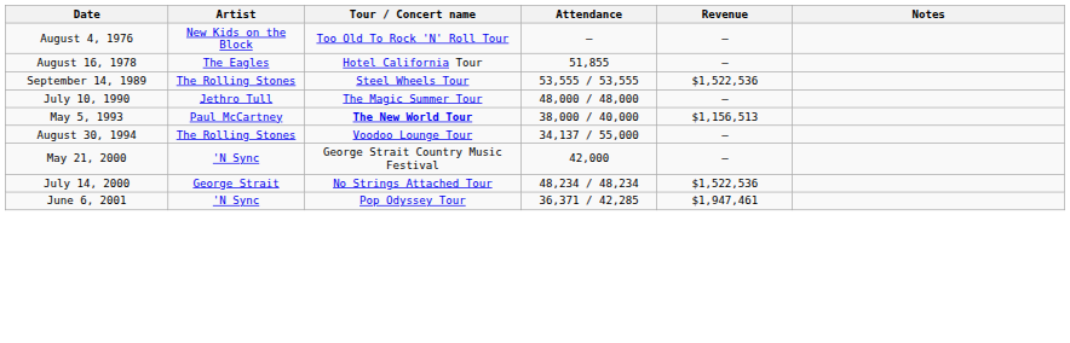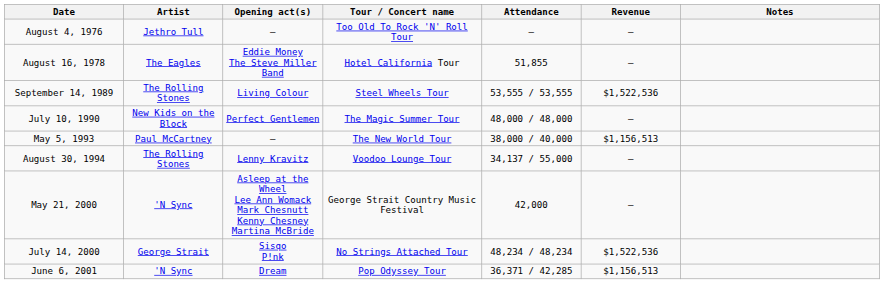 <table class="wikitable" style="text-align:center;">
 <tr>
 <th width=12% style="text-align:center;">Date</th>
 <th width=10% style="text-align:center;">Artist</th>
+<th width=10% style="text-align:center;">Opening act(s)</th>
 <th width=16% style="text-align:center;">Tour / Concert name</th>
 <th width=10% style="text-align:center;">Attendance</th>
 <th width=10% style="text-align:center;">Revenue</th>
 <th width=20% style="text-align:center;">Notes</th>
 </tr>
 <tr>
 <td>August 4, 1976</td>
-<td><a href='#'>New Kids on the Block</a></td>
+<td><a href='#'>Jethro Tull</a></td>
+<td>—</td>
 <td><a href='#'>Too Old To Rock 'N' Roll Tour</a></td>
 <td>—</td>
 <td>—</td>
 <td></td>
 </tr>
 <tr>
 <td>August 16, 1978</td>
 <td><a href='#'>The Eagles</a></td>
+<td><a href='#'>Eddie Money</a><br><a href='#'>The Steve Miller Band</a></td>
 <td><a href='#'>Hotel California</a> Tour</td>
 <td>51,855</td>
 <td>—</td>
 <td></td>
 </tr>
 <tr>
 <td>September 14, 1989</td>
 <td><a href='#'>The Rolling Stones</a></td>
+<td><a href='#'>Living Colour</a></td>
 <td><a href='#'>Steel Wheels Tour</a></td>
 <td>53,555 / 53,555</td>
 <td>$1,522,536</td>
 <td></td>
 </tr>
 <tr>
 <td>July 10, 1990</td>
-<td><a href='#'>Jethro Tull</a></td>
+<td><a href='#'>New Kids on the Block</a></td>
+<td><a href='#'>Perfect Gentlemen</a></td>
 <td><a href='#'>The Magic Summer Tour</a></td>
 <td>48,000 / 48,000</td>
 <td>—</td>
 <td></td>
 </tr>
 <tr>
 <td>May 5, 1993</td>
 <td><a href='#'>Paul McCartney</a></td>
-<td><strong><a href='#'>The New World Tour</a></strong></td>
+<td>—</td>
+<td><a href='#'>The New World Tour</a></td>
 <td>38,000 / 40,000</td>
 <td>$1,156,513</td>
 <td></td>
 </tr>
 <tr>
 <td>August 30, 1994</td>
 <td><a href='#'>The Rolling Stones</a></td>
+<td><a href='#'>Lenny Kravitz</a></td>
 <td><a href='#'>Voodoo Lounge Tour</a></td>
 <td>34,137 / 55,000</td>
 <td>—</td>
 <td></td>
 </tr>
 <tr>
 <td>May 21, 2000</td>
 <td><a href='#'>'N Sync</a></td>
+<td><a href='#'>Asleep at the Wheel</a><br><a href='#'>Lee Ann Womack</a><br><a href='#'>Mark Chesnutt</a><br><a href='#'>Kenny Chesney</a><br><a href='#'>Martina McBride</a></td>
 <td>George Strait Country Music Festival</td>
 <td>42,000</td>
 <td>—</td>
 <td></td>
 </tr>
 <tr>
 <td>July 14, 2000</td>
 <td><a href='#'>George Strait</a></td>
+<td><a href='#'>Sisqo</a><br><a href='#'>P!nk</a></td>
 <td><a href='#'>No Strings Attached Tour</a></td>
 <td>48,234 / 48,234</td>
 <td>$1,522,536</td>
 <td></td>
 </tr>
 <tr>
 <td>June 6, 2001</td>
 <td><a href='#'>'N Sync</a></td>
+<td><a href='#'>Dream</a></td>
 <td><a href='#'>Pop Odyssey Tour</a></td>
 <td>36,371 / 42,285</td>
-<td>$1,947,461</td>
+<td>$1,156,513</td>
 <td></td>
 </tr>
 </table>
